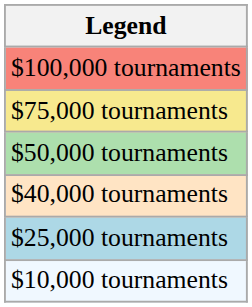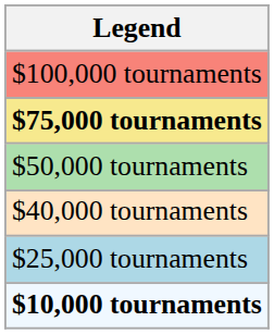 <table class="wikitable" style="font-size:85%">
 <tr>
 <th>Legend</th>
 </tr>
 <tr style="background:;">
 <td bgcolor=f88379>$100,000 tournaments</td>
 </tr>
 <tr style="background:;">
-<td bgcolor=f7e98e>$75,000 tournaments</td>
+<td bgcolor=f7e98e><strong>$75,000 tournaments</strong></td>
 </tr>
 <tr style="background:;">
 <td bgcolor=addfad>$50,000 tournaments</td>
 </tr>
 <tr style="background:#ffe4c4;">
 <td>$40,000 tournaments</td>
 </tr>
 <tr style="background:;">
 <td bgcolor=lightblue>$25,000 tournaments</td>
 </tr>
 <tr style="background:;">
-<td bgcolor=f0f8ff>$10,000 tournaments</td>
+<td bgcolor=f0f8ff><strong>$10,000 tournaments</strong></td>
 </tr>
 </table>
